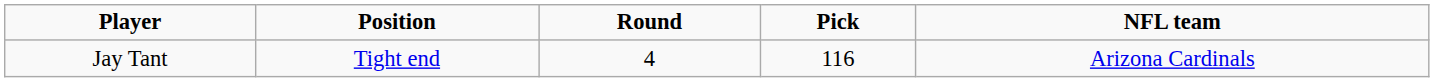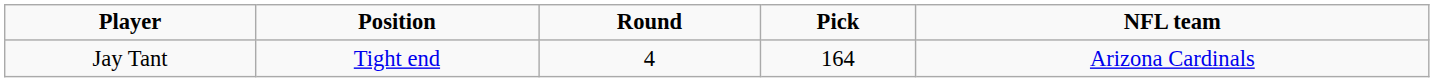 <table class="wikitable" width="80%">
 <tr align="center">
 <td><strong>Player</strong></td>
 <td><strong>Position</strong></td>
 <td><strong>Round</strong></td>
 <td><strong>Pick</strong></td>
 <td><strong>NFL team</strong></td>
 </tr>
 <tr align="center" bgcolor="">
 <td>Jay Tant</td>
 <td><a href='#'>Tight end</a></td>
 <td>4</td>
-<td>116</td>
+<td>164</td>
 <td><a href='#'>Arizona Cardinals</a></td>
 </tr>
 </table>
